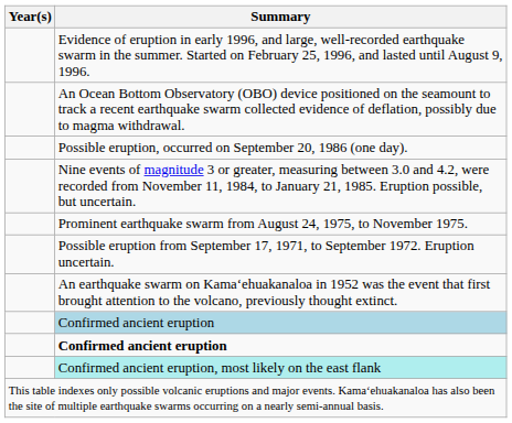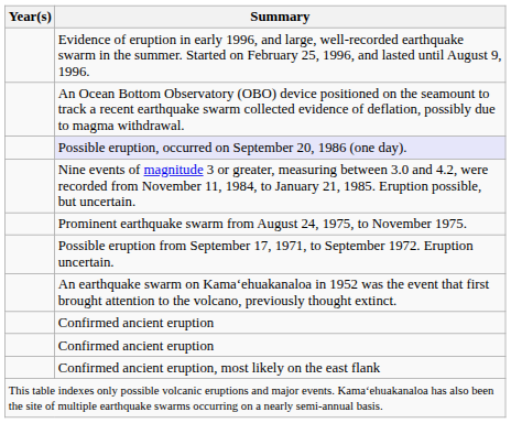 <table class="wikitable" width="45%" style="float:right; margin-left:8px">
 <tr>
 <th>Year(s)</th>
 <th>Summary</th>
 </tr>
 <tr>
 <td></td>
 <td>Evidence of eruption in early 1996, and large, well-recorded earthquake swarm in the summer. Started on February 25, 1996, and lasted until August 9, 1996.</td>
 </tr>
 <tr>
 <td></td>
 <td>An Ocean Bottom Observatory (OBO) device positioned on the seamount to track a recent earthquake swarm collected evidence of deflation, possibly due to magma withdrawal.</td>
 </tr>
 <tr>
 <td></td>
-<td>Possible eruption, occurred on September 20, 1986 (one day).</td>
+<td style="background: lavender;">Possible eruption, occurred on September 20, 1986 (one day).</td>
 </tr>
 <tr>
 <td></td>
 <td>Nine events of <a href='#'>magnitude</a> 3 or greater, measuring between 3.0 and 4.2, were recorded from November 11, 1984, to January 21, 1985. Eruption possible, but uncertain.</td>
 </tr>
 <tr>
 <td></td>
 <td>Prominent earthquake swarm from August 24, 1975, to November 1975.</td>
 </tr>
 <tr>
 <td></td>
 <td>Possible eruption from September 17, 1971, to September 1972. Eruption uncertain.</td>
 </tr>
 <tr>
 <td></td>
 <td>An earthquake swarm on Kamaʻehuakanaloa in 1952 was the event that first brought attention to the volcano, previously thought extinct.</td>
 </tr>
 <tr>
 <td></td>
-<td style="background: lightblue;">Confirmed ancient eruption</td>
+<td>Confirmed ancient eruption</td>
 </tr>
 <tr>
 <td></td>
-<td><strong>Confirmed ancient eruption</strong></td>
+<td>Confirmed ancient eruption</td>
 </tr>
 <tr>
 <td></td>
-<td style="background: paleturquoise;">Confirmed ancient eruption, most likely on the east flank</td>
+<td>Confirmed ancient eruption, most likely on the east flank</td>
 </tr>
 <tr>
 <td colspan=2><small>This table indexes only possible volcanic eruptions and major events. Kamaʻehuakanaloa has also been the site of multiple earthquake swarms occurring on a nearly semi-annual basis.</small></td>
 </tr>
 </table>
